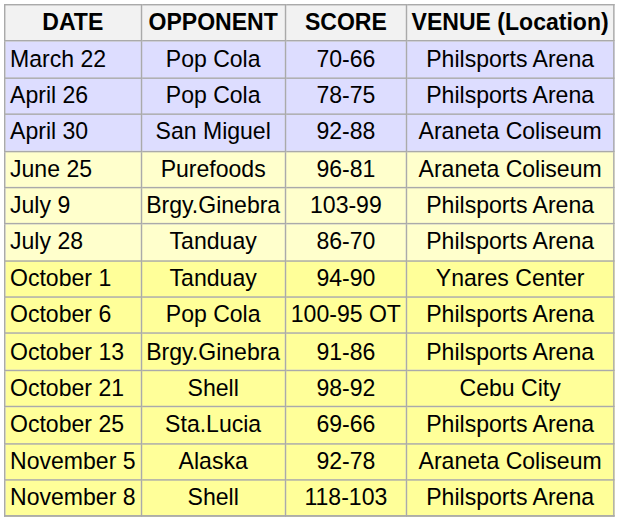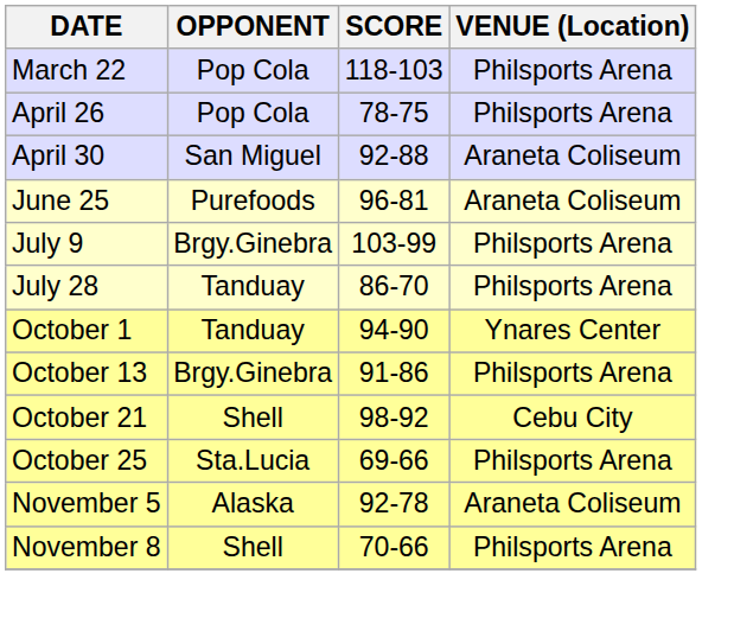 <table class="wikitable" border="1">
 <tr>
 <th><strong>DATE</strong></th>
 <th><strong>OPPONENT</strong></th>
 <th><strong>SCORE</strong></th>
 <th><strong>VENUE (Location)</strong></th>
 </tr>
 <tr bgcolor=#DDDDFF>
 <td>March 22</td>
 <td align=center>Pop Cola</td>
-<td align=center>70-66</td>
+<td align=center>118-103</td>
 <td align=center>Philsports Arena</td>
 </tr>
 <tr bgcolor=#DDDDFF>
 <td>April 26</td>
 <td align=center>Pop Cola</td>
 <td align=center>78-75 </td>
 <td align=center>Philsports Arena</td>
 </tr>
 <tr bgcolor=#DDDDFF>
 <td>April 30</td>
 <td align=center>San Miguel</td>
 <td align=center>92-88 </td>
 <td align=center>Araneta Coliseum</td>
 </tr>
 <tr bgcolor=#FFFFCC>
 <td>June 25</td>
 <td align=center>Purefoods</td>
 <td align=center>96-81</td>
 <td align=center>Araneta Coliseum</td>
 </tr>
 <tr bgcolor=#FFFFCC>
 <td>July 9</td>
 <td align=center>Brgy.Ginebra</td>
 <td align=center>103-99 </td>
 <td align=center>Philsports Arena</td>
 </tr>
 <tr bgcolor=#FFFFCC>
 <td>July 28</td>
 <td align=center>Tanduay</td>
 <td align=center>86-70</td>
 <td align=center>Philsports Arena</td>
 </tr>
 <tr bgcolor=#FFFF99>
 <td>October 1</td>
 <td align=center>Tanduay</td>
 <td align=center>94-90</td>
 <td align=center>Ynares Center</td>
 </tr>
 <tr bgcolor=#FFFF99>
-<td>October 6</td>
-<td align=center>Pop Cola</td>
-<td align=center>100-95 OT</td>
-<td align=center>Philsports Arena</td>
-</tr>
-<tr bgcolor=#FFFF99>
 <td>October 13</td>
 <td align=center>Brgy.Ginebra</td>
 <td align=center>91-86</td>
 <td align=center>Philsports Arena</td>
 </tr>
 <tr bgcolor=#FFFF99>
 <td>October 21</td>
 <td align=center>Shell</td>
 <td align=center>98-92</td>
 <td align=center>Cebu City</td>
 </tr>
 <tr bgcolor=#FFFF99>
 <td>October 25</td>
 <td align=center>Sta.Lucia</td>
 <td align=center>69-66 </td>
 <td align=center>Philsports Arena</td>
 </tr>
 <tr bgcolor=#FFFF99>
 <td>November 5</td>
 <td align=center>Alaska</td>
 <td align=center>92-78</td>
 <td align=center>Araneta Coliseum</td>
 </tr>
 <tr bgcolor=#FFFF99>
 <td>November 8</td>
 <td align=center>Shell</td>
-<td align=center>118-103</td>
+<td align=center>70-66</td>
 <td align=center>Philsports Arena</td>
 </tr>
 <tr>
 </tr>
 </table>
